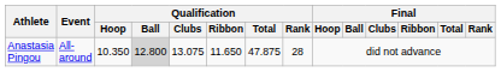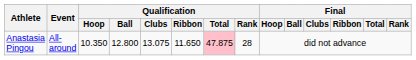 <table class=wikitable style="font-size:90%">
 <tr>
 <th rowspan=2>Athlete</th>
 <th rowspan=2>Event</th>
 <th colspan=6>Qualification</th>
 <th colspan=6>Final</th>
 </tr>
 <tr style="font-size:95%">
 <th>Hoop</th>
 <th>Ball</th>
 <th>Clubs</th>
 <th>Ribbon</th>
 <th>Total</th>
 <th>Rank</th>
 <th>Hoop</th>
 <th>Ball</th>
 <th>Clubs</th>
 <th>Ribbon</th>
 <th>Total</th>
 <th>Rank</th>
 </tr>
 <tr align=center>
 <td align=left><a href='#'>Anastasia Pingou</a></td>
 <td align=left><a href='#'>All-around</a></td>
 <td>10.350</td>
-<td style="background: lightgrey;">12.800</td>
+<td>12.800</td>
 <td>13.075</td>
 <td>11.650</td>
-<td>47.875</td>
+<td style="background: pink;">47.875</td>
 <td>28</td>
 <td colspan=6>did not advance</td>
 </tr>
 </table>
